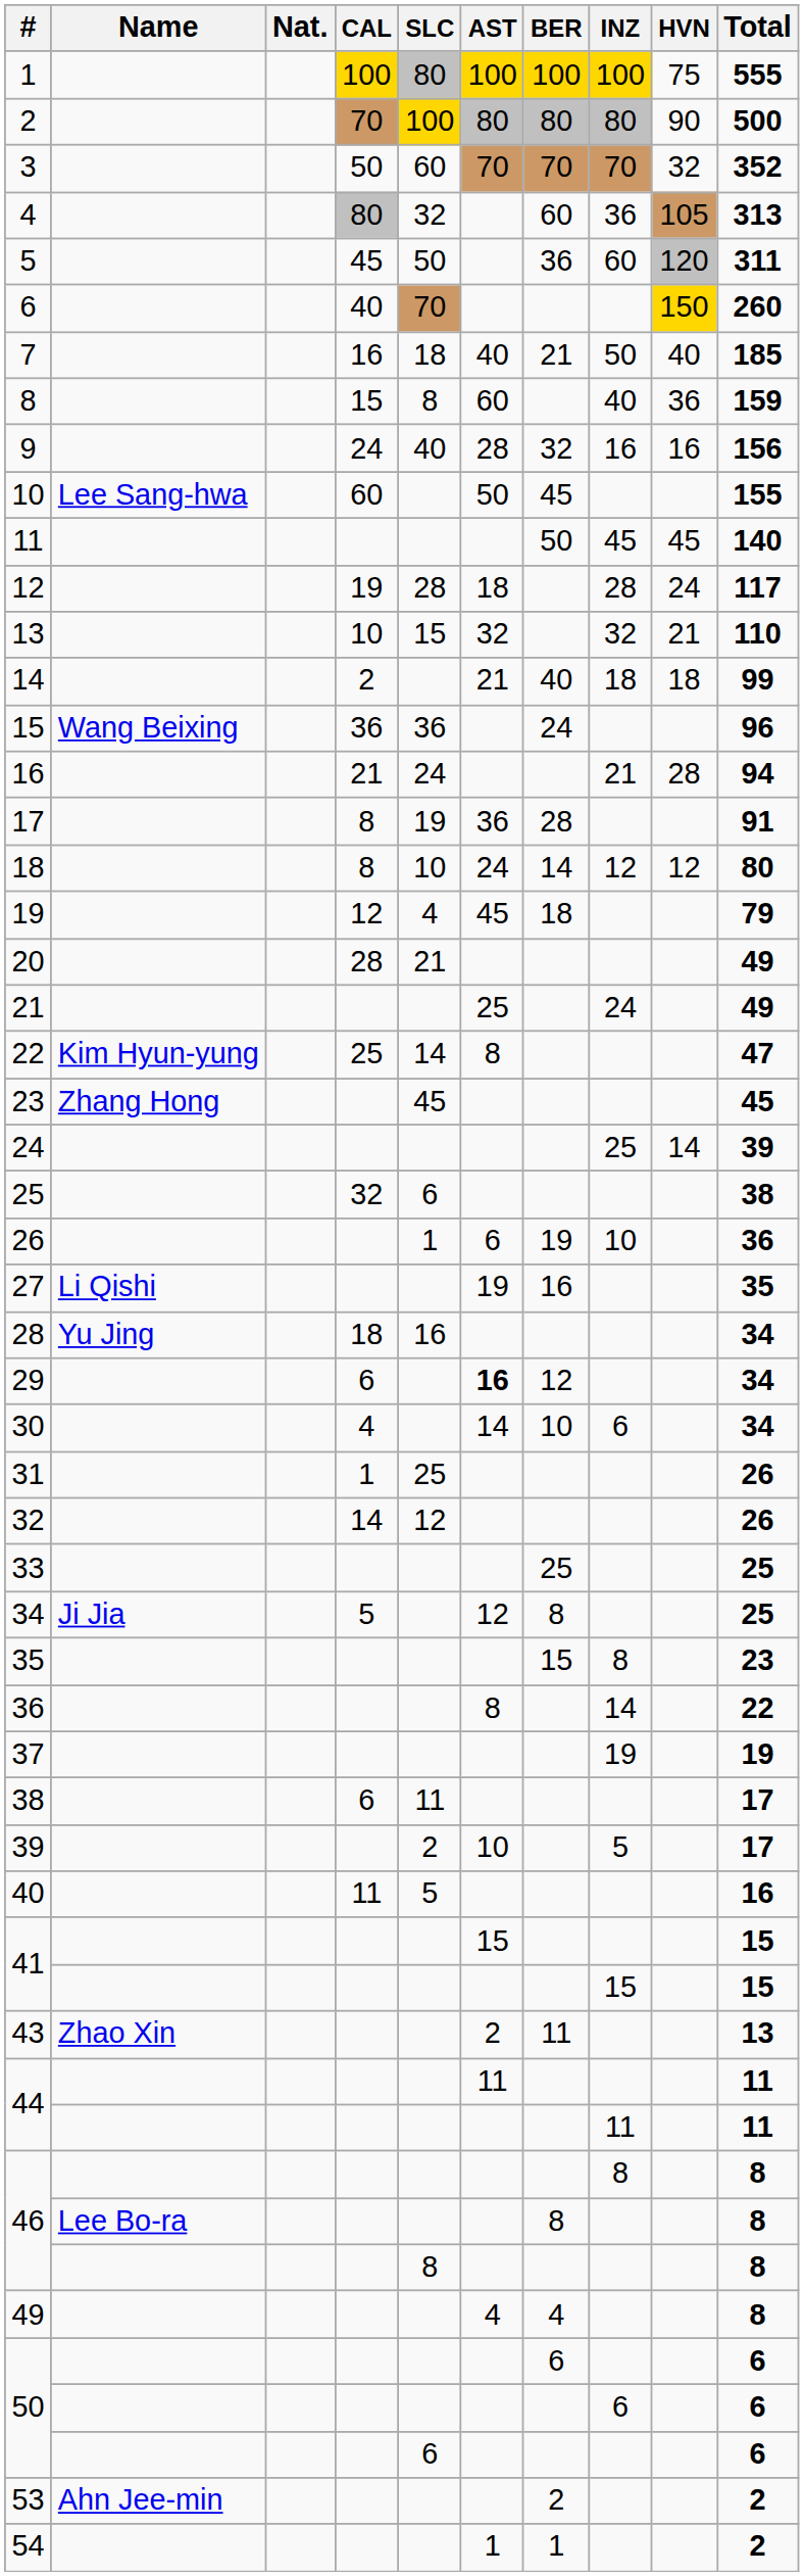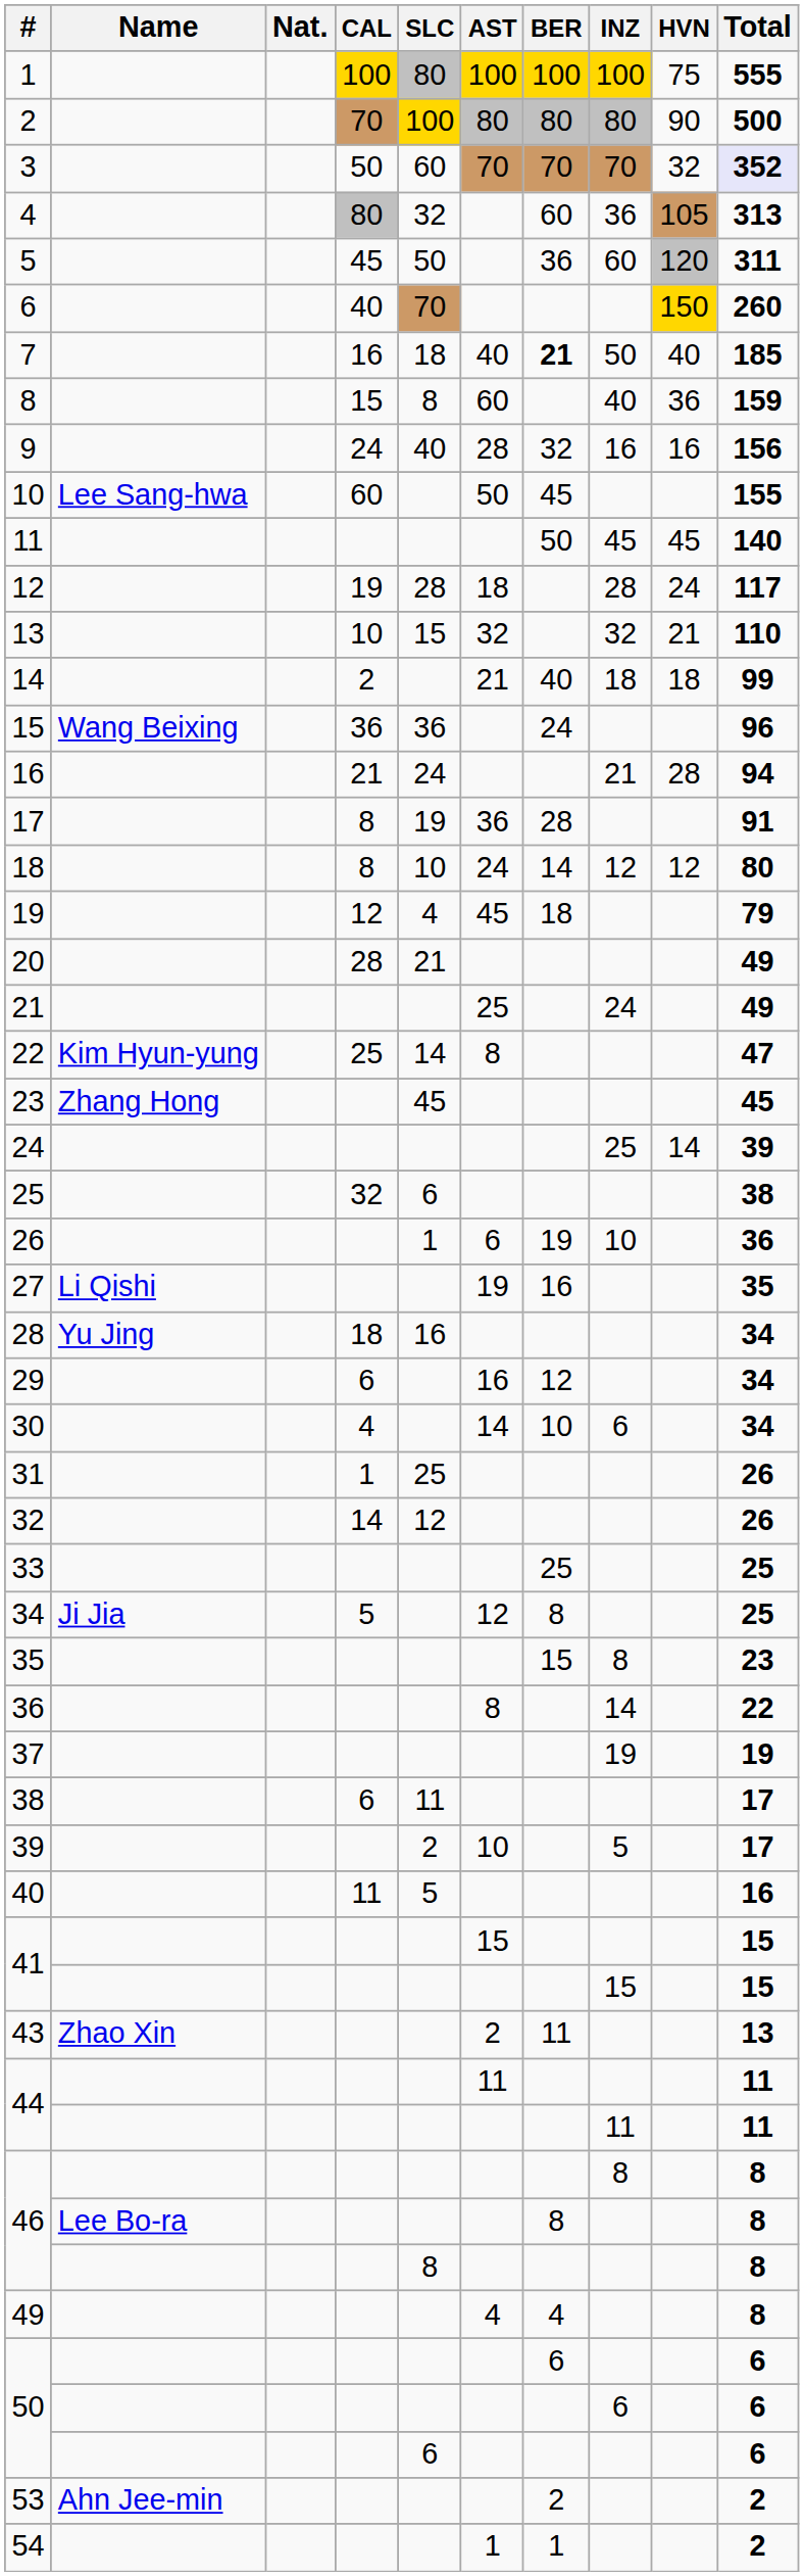 <table class="wikitable sortable" style="text-align:center;">
 <tr>
 <th>#</th>
 <th>Name</th>
 <th>Nat.</th>
 <th><small>CAL</small></th>
 <th><small>SLC</small></th>
 <th><small>AST</small></th>
 <th><small>BER</small></th>
 <th><small>INZ</small></th>
 <th><small>HVN</small></th>
 <th>Total</th>
 </tr>
 <tr>
 <td>1</td>
 <td align=left></td>
 <td></td>
 <td bgcolor=gold>100</td>
 <td bgcolor=silver>80</td>
 <td bgcolor=gold>100</td>
 <td bgcolor=gold>100</td>
 <td bgcolor=gold>100</td>
 <td>75</td>
 <td><strong>555</strong></td>
 </tr>
 <tr>
 <td>2</td>
 <td align=left></td>
 <td></td>
 <td bgcolor=cc9966>70</td>
 <td bgcolor=gold>100</td>
 <td bgcolor=silver>80</td>
 <td bgcolor=silver>80</td>
 <td bgcolor=silver>80</td>
 <td>90</td>
 <td><strong>500</strong></td>
 </tr>
 <tr>
 <td>3</td>
 <td align=left></td>
 <td></td>
 <td>50</td>
 <td>60</td>
 <td bgcolor=cc9966>70</td>
 <td bgcolor=cc9966>70</td>
 <td bgcolor=cc9966>70</td>
 <td>32</td>
-<td><strong>352</strong></td>
+<td style="background: lavender;"><strong>352</strong></td>
 </tr>
 <tr>
 <td>4</td>
 <td align=left></td>
 <td></td>
 <td bgcolor=silver>80</td>
 <td>32</td>
 <td></td>
 <td>60</td>
 <td>36</td>
 <td bgcolor=cc9966>105</td>
 <td><strong>313</strong></td>
 </tr>
 <tr>
 <td>5</td>
 <td align=left></td>
 <td></td>
 <td>45</td>
 <td>50</td>
 <td></td>
 <td>36</td>
 <td>60</td>
 <td bgcolor=silver>120</td>
 <td><strong>311</strong></td>
 </tr>
 <tr>
 <td>6</td>
 <td align=left></td>
 <td></td>
 <td>40</td>
 <td bgcolor=cc9966>70</td>
 <td></td>
 <td></td>
 <td></td>
 <td bgcolor=gold>150</td>
 <td><strong>260</strong></td>
 </tr>
 <tr>
 <td>7</td>
 <td align=left></td>
 <td></td>
 <td>16</td>
 <td>18</td>
 <td>40</td>
-<td>21</td>
+<td><strong>21</strong></td>
 <td>50</td>
 <td>40</td>
 <td><strong>185</strong></td>
 </tr>
 <tr>
 <td>8</td>
 <td align=left></td>
 <td></td>
 <td>15</td>
 <td>8</td>
 <td>60</td>
 <td></td>
 <td>40</td>
 <td>36</td>
 <td><strong>159</strong></td>
 </tr>
 <tr>
 <td>9</td>
 <td align=left></td>
 <td></td>
 <td>24</td>
 <td>40</td>
 <td>28</td>
 <td>32</td>
 <td>16</td>
 <td>16</td>
 <td><strong>156</strong></td>
 </tr>
 <tr>
 <td>10</td>
 <td align=left><a href='#'>Lee Sang-hwa</a></td>
 <td></td>
 <td>60</td>
 <td></td>
 <td>50</td>
 <td>45</td>
 <td></td>
 <td></td>
 <td><strong>155</strong></td>
 </tr>
 <tr>
 <td>11</td>
 <td align=left></td>
 <td></td>
 <td></td>
 <td></td>
 <td></td>
 <td>50</td>
 <td>45</td>
 <td>45</td>
 <td><strong>140</strong></td>
 </tr>
 <tr>
 <td>12</td>
 <td align=left></td>
 <td></td>
 <td>19</td>
 <td>28</td>
 <td>18</td>
 <td></td>
 <td>28</td>
 <td>24</td>
 <td><strong>117</strong></td>
 </tr>
 <tr>
 <td>13</td>
 <td align=left></td>
 <td></td>
 <td>10</td>
 <td>15</td>
 <td>32</td>
 <td></td>
 <td>32</td>
 <td>21</td>
 <td><strong>110</strong></td>
 </tr>
 <tr>
 <td>14</td>
 <td align=left></td>
 <td></td>
 <td>2</td>
 <td></td>
 <td>21</td>
 <td>40</td>
 <td>18</td>
 <td>18</td>
 <td><strong>99</strong></td>
 </tr>
 <tr>
 <td>15</td>
 <td align=left><a href='#'>Wang Beixing</a></td>
 <td></td>
 <td>36</td>
 <td>36</td>
 <td></td>
 <td>24</td>
 <td></td>
 <td></td>
 <td><strong>96</strong></td>
 </tr>
 <tr>
 <td>16</td>
 <td align=left></td>
 <td></td>
 <td>21</td>
 <td>24</td>
 <td></td>
 <td></td>
 <td>21</td>
 <td>28</td>
 <td><strong>94</strong></td>
 </tr>
 <tr>
 <td>17</td>
 <td align=left></td>
 <td></td>
 <td>8</td>
 <td>19</td>
 <td>36</td>
 <td>28</td>
 <td></td>
 <td></td>
 <td><strong>91</strong></td>
 </tr>
 <tr>
 <td>18</td>
 <td align=left></td>
 <td></td>
 <td>8</td>
 <td>10</td>
 <td>24</td>
 <td>14</td>
 <td>12</td>
 <td>12</td>
 <td><strong>80</strong></td>
 </tr>
 <tr>
 <td>19</td>
 <td align=left></td>
 <td></td>
 <td>12</td>
 <td>4</td>
 <td>45</td>
 <td>18</td>
 <td></td>
 <td></td>
 <td><strong>79</strong></td>
 </tr>
 <tr>
 <td>20</td>
 <td align=left></td>
 <td></td>
 <td>28</td>
 <td>21</td>
 <td></td>
 <td></td>
 <td></td>
 <td></td>
 <td><strong>49</strong></td>
 </tr>
 <tr>
 <td>21</td>
 <td align=left></td>
 <td></td>
 <td></td>
 <td></td>
 <td>25</td>
 <td></td>
 <td>24</td>
 <td></td>
 <td><strong>49</strong></td>
 </tr>
 <tr>
 <td>22</td>
 <td align=left><a href='#'>Kim Hyun-yung</a></td>
 <td></td>
 <td>25</td>
 <td>14</td>
 <td>8</td>
 <td></td>
 <td></td>
 <td></td>
 <td><strong>47</strong></td>
 </tr>
 <tr>
 <td>23</td>
 <td align=left><a href='#'>Zhang Hong</a></td>
 <td></td>
 <td></td>
 <td>45</td>
 <td></td>
 <td></td>
 <td></td>
 <td></td>
 <td><strong>45</strong></td>
 </tr>
 <tr>
 <td>24</td>
 <td align=left></td>
 <td></td>
 <td></td>
 <td></td>
 <td></td>
 <td></td>
 <td>25</td>
 <td>14</td>
 <td><strong>39</strong></td>
 </tr>
 <tr>
 <td>25</td>
 <td align=left></td>
 <td></td>
 <td>32</td>
 <td>6</td>
 <td></td>
 <td></td>
 <td></td>
 <td></td>
 <td><strong>38</strong></td>
 </tr>
 <tr>
 <td>26</td>
 <td align=left></td>
 <td></td>
 <td></td>
 <td>1</td>
 <td>6</td>
 <td>19</td>
 <td>10</td>
 <td></td>
 <td><strong>36</strong></td>
 </tr>
 <tr>
 <td>27</td>
 <td align=left><a href='#'>Li Qishi</a></td>
 <td></td>
 <td></td>
 <td></td>
 <td>19</td>
 <td>16</td>
 <td></td>
 <td></td>
 <td><strong>35</strong></td>
 </tr>
 <tr>
 <td>28</td>
 <td align=left><a href='#'>Yu Jing</a></td>
 <td></td>
 <td>18</td>
 <td>16</td>
 <td></td>
 <td></td>
 <td></td>
 <td></td>
 <td><strong>34</strong></td>
 </tr>
 <tr>
 <td>29</td>
 <td align=left></td>
 <td></td>
 <td>6</td>
 <td></td>
-<td><strong>16</strong></td>
+<td>16</td>
 <td>12</td>
 <td></td>
 <td></td>
 <td><strong>34</strong></td>
 </tr>
 <tr>
 <td>30</td>
 <td align=left></td>
 <td></td>
 <td>4</td>
 <td></td>
 <td>14</td>
 <td>10</td>
 <td>6</td>
 <td></td>
 <td><strong>34</strong></td>
 </tr>
 <tr>
 <td>31</td>
 <td align=left></td>
 <td></td>
 <td>1</td>
 <td>25</td>
 <td></td>
 <td></td>
 <td></td>
 <td></td>
 <td><strong>26</strong></td>
 </tr>
 <tr>
 <td>32</td>
 <td align=left></td>
 <td></td>
 <td>14</td>
 <td>12</td>
 <td></td>
 <td></td>
 <td></td>
 <td></td>
 <td><strong>26</strong></td>
 </tr>
 <tr>
 <td>33</td>
 <td align=left></td>
 <td></td>
 <td></td>
 <td></td>
 <td></td>
 <td>25</td>
 <td></td>
 <td></td>
 <td><strong>25</strong></td>
 </tr>
 <tr>
 <td>34</td>
 <td align=left><a href='#'>Ji Jia</a></td>
 <td></td>
 <td>5</td>
 <td></td>
 <td>12</td>
 <td>8</td>
 <td></td>
 <td></td>
 <td><strong>25</strong></td>
 </tr>
 <tr>
 <td>35</td>
 <td align=left></td>
 <td></td>
 <td></td>
 <td></td>
 <td></td>
 <td>15</td>
 <td>8</td>
 <td></td>
 <td><strong>23</strong></td>
 </tr>
 <tr>
 <td>36</td>
 <td align=left></td>
 <td></td>
 <td></td>
 <td></td>
 <td>8</td>
 <td></td>
 <td>14</td>
 <td></td>
 <td><strong>22</strong></td>
 </tr>
 <tr>
 <td>37</td>
 <td align=left></td>
 <td></td>
 <td></td>
 <td></td>
 <td></td>
 <td></td>
 <td>19</td>
 <td></td>
 <td><strong>19</strong></td>
 </tr>
 <tr>
 <td>38</td>
 <td align=left></td>
 <td></td>
 <td>6</td>
 <td>11</td>
 <td></td>
 <td></td>
 <td></td>
 <td></td>
 <td><strong>17</strong></td>
 </tr>
 <tr>
 <td>39</td>
 <td align=left></td>
 <td></td>
 <td></td>
 <td>2</td>
 <td>10</td>
 <td></td>
 <td>5</td>
 <td></td>
 <td><strong>17</strong></td>
 </tr>
 <tr>
 <td>40</td>
 <td align=left></td>
 <td></td>
 <td>11</td>
 <td>5</td>
 <td></td>
 <td></td>
 <td></td>
 <td></td>
 <td><strong>16</strong></td>
 </tr>
 <tr>
 <td rowspan=2>41</td>
 <td align=left></td>
 <td></td>
 <td></td>
 <td></td>
 <td>15</td>
 <td></td>
 <td></td>
 <td></td>
 <td><strong>15</strong></td>
 </tr>
 <tr>
 <td align=left></td>
 <td></td>
 <td></td>
 <td></td>
 <td></td>
 <td></td>
 <td>15</td>
 <td></td>
 <td><strong>15</strong></td>
 </tr>
 <tr>
 <td>43</td>
 <td align=left><a href='#'>Zhao Xin</a></td>
 <td></td>
 <td></td>
 <td></td>
 <td>2</td>
 <td>11</td>
 <td></td>
 <td></td>
 <td><strong>13</strong></td>
 </tr>
 <tr>
 <td rowspan=2>44</td>
 <td align=left></td>
 <td></td>
 <td></td>
 <td></td>
 <td>11</td>
 <td></td>
 <td></td>
 <td></td>
 <td><strong>11</strong></td>
 </tr>
 <tr>
 <td align=left></td>
 <td></td>
 <td></td>
 <td></td>
 <td></td>
 <td></td>
 <td>11</td>
 <td></td>
 <td><strong>11</strong></td>
 </tr>
 <tr>
 <td rowspan=3>46</td>
 <td align=left></td>
 <td></td>
 <td></td>
 <td></td>
 <td></td>
 <td></td>
 <td>8</td>
 <td></td>
 <td><strong>8</strong></td>
 </tr>
 <tr>
 <td align=left><a href='#'>Lee Bo-ra</a></td>
 <td></td>
 <td></td>
 <td></td>
 <td></td>
 <td>8</td>
 <td></td>
 <td></td>
 <td><strong>8</strong></td>
 </tr>
 <tr>
 <td align=left></td>
 <td></td>
 <td></td>
 <td>8</td>
 <td></td>
 <td></td>
 <td></td>
 <td></td>
 <td><strong>8</strong></td>
 </tr>
 <tr>
 <td>49</td>
 <td align=left></td>
 <td></td>
 <td></td>
 <td></td>
 <td>4</td>
 <td>4</td>
 <td></td>
 <td></td>
 <td><strong>8</strong></td>
 </tr>
 <tr>
 <td rowspan=3>50</td>
 <td align=left></td>
 <td></td>
 <td></td>
 <td></td>
 <td></td>
 <td>6</td>
 <td></td>
 <td></td>
 <td><strong>6</strong></td>
 </tr>
 <tr>
 <td align=left></td>
 <td></td>
 <td></td>
 <td></td>
 <td></td>
 <td></td>
 <td>6</td>
 <td></td>
 <td><strong>6</strong></td>
 </tr>
 <tr>
 <td align=left></td>
 <td></td>
 <td></td>
 <td>6</td>
 <td></td>
 <td></td>
 <td></td>
 <td></td>
 <td><strong>6</strong></td>
 </tr>
 <tr>
 <td>53</td>
 <td align=left><a href='#'>Ahn Jee-min</a></td>
 <td></td>
 <td></td>
 <td></td>
 <td></td>
 <td>2</td>
 <td></td>
 <td></td>
 <td><strong>2</strong></td>
 </tr>
 <tr>
 <td>54</td>
 <td align=left></td>
 <td></td>
 <td></td>
 <td></td>
 <td>1</td>
 <td>1</td>
 <td></td>
 <td></td>
 <td><strong>2</strong></td>
 </tr>
 </table>
